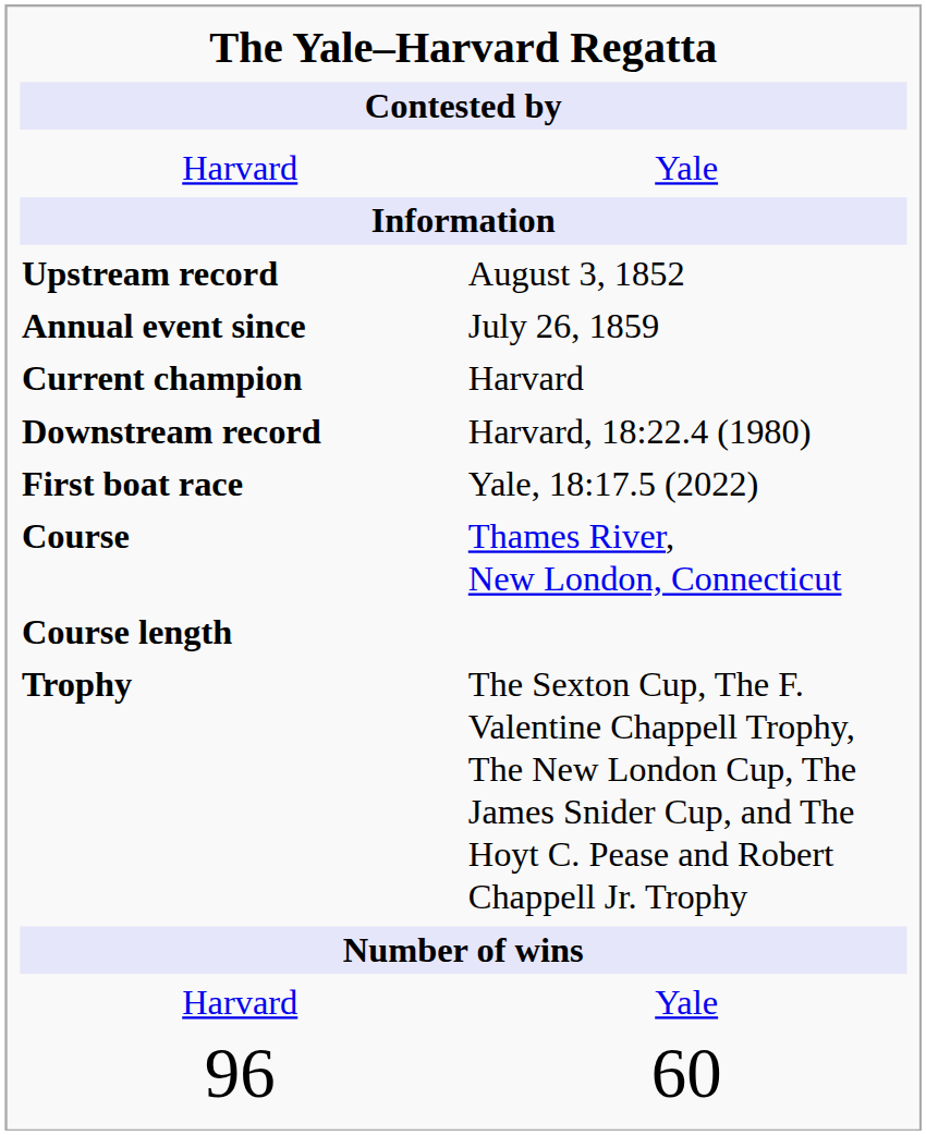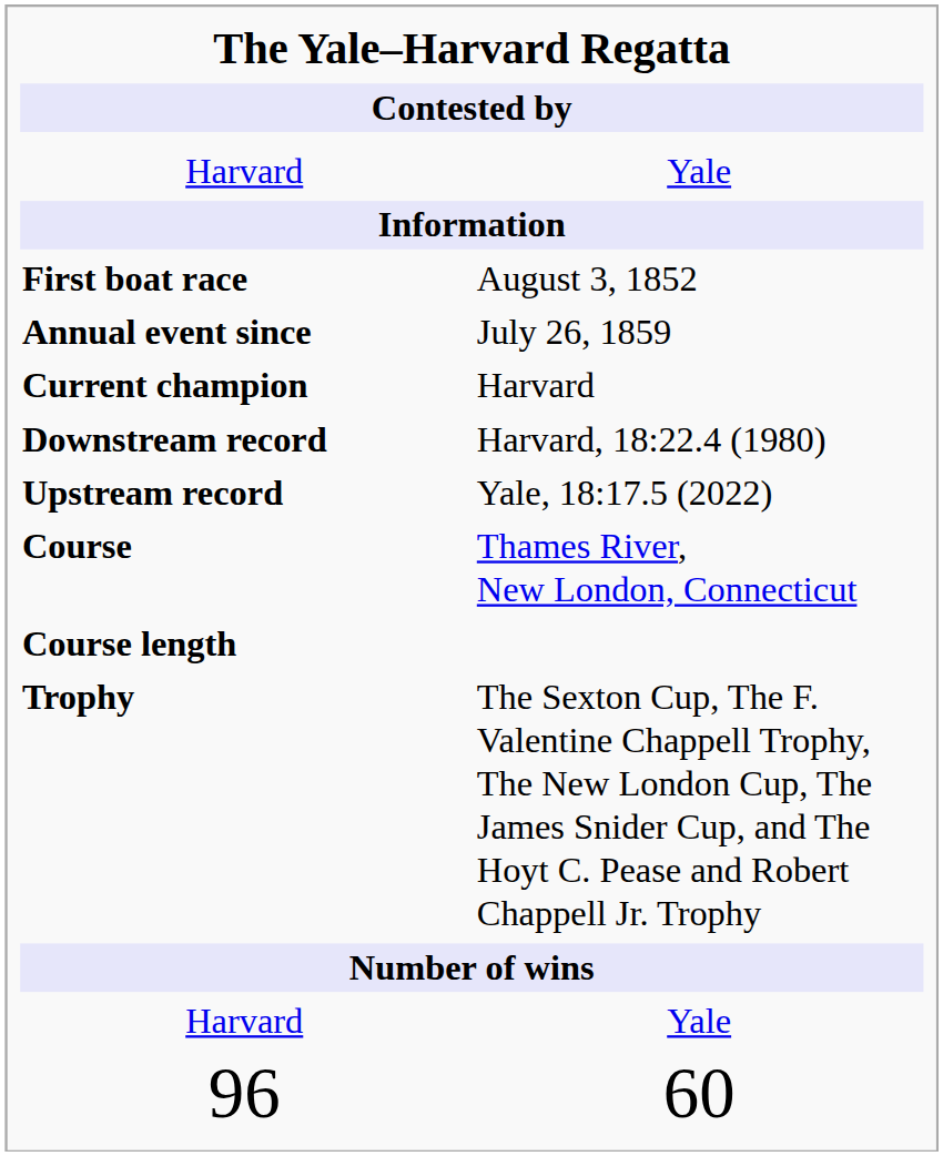 <table class="infobox" style="width: 26em; font-size: 88%;">
 <tr>
 <td colspan="2" style="text-align: center; font-size: 125%;"><strong>The Yale–Harvard Regatta</strong></td>
 </tr>
 <tr>
 <td colspan="2" style="text-align: center; font-size: 100%; background:lavender;"><strong>Contested by</strong></td>
 </tr>
 <tr>
 <td style="width:50%; vertical-align:middle; text-align:center;"></td>
 <td style="width:50%; vertical-align:middle; text-align:center;"></td>
 </tr>
 <tr>
 <td style="text-align:center;"><a href='#'>Harvard</a></td>
 <td style="text-align:center;"><a href='#'>Yale</a></td>
 </tr>
 <tr>
 <td colspan="2" style="text-align: center; font-size: 100%; background:lavender;"><strong>Information</strong></td>
 </tr>
 <tr>
-<td><strong>Upstream record</strong></td>
+<td><strong>First boat race</strong></td>
 <td>August 3, 1852</td>
 </tr>
 <tr>
 <td><strong>Annual event since</strong></td>
 <td>July 26, 1859</td>
 </tr>
 <tr>
 <td><strong>Current champion</strong></td>
 <td>Harvard</td>
 </tr>
 <tr>
 <td><strong>Downstream record</strong></td>
 <td>Harvard, 18:22.4 (1980)</td>
 </tr>
 <tr>
-<td><strong>First boat race</strong></td>
+<td><strong>Upstream record</strong></td>
 <td>Yale, 18:17.5 (2022)</td>
 </tr>
 <tr>
 <td><strong>Course</strong></td>
 <td><a href='#'>Thames River</a>,<br> <a href='#'>New London, Connecticut</a></td>
 </tr>
 <tr>
 <td><strong>Course length</strong></td>
 <td></td>
 </tr>
 <tr>
 <td><strong>Trophy</strong></td>
 <td>The Sexton Cup, The F. Valentine Chappell Trophy, The New London Cup, The James Snider Cup, and The Hoyt C. Pease and Robert Chappell Jr. Trophy</td>
 </tr>
 <tr>
 <td colspan="2" style="text-align: center; font-size: 100%; background:lavender;"><strong>Number of wins</strong></td>
 </tr>
 <tr>
 <td style="text-align:center;"><a href='#'>Harvard</a></td>
 <td style="text-align:center;"><a href='#'>Yale</a></td>
 </tr>
 <tr>
 <td style="text-align:center;font-size: 200%;">96</td>
 <td style="text-align:center;font-size: 200%;">60</td>
 </tr>
 </table>
